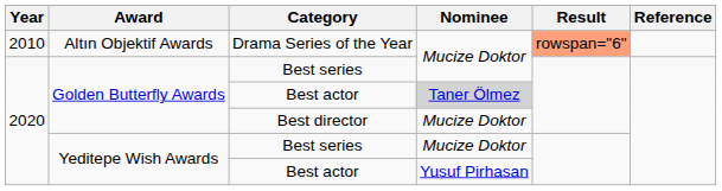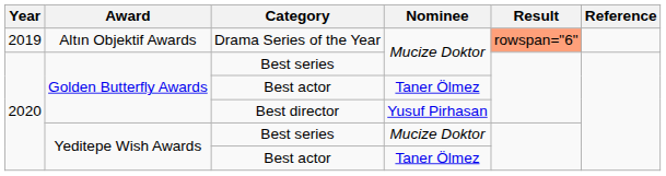 <table class="wikitable" style="text-align:center;">
 <tr>
 <th>Year</th>
 <th>Award</th>
 <th>Category</th>
 <th>Nominee</th>
 <th>Result</th>
 <th>Reference</th>
 </tr>
 <tr>
-<td>2010</td>
+<td>2019</td>
 <td>Altın Objektif Awards</td>
 <td>Drama Series of the Year</td>
 <td rowspan="2"><em>Mucize Doktor</em></td>
 <td style="background: lightsalmon;">rowspan="6" </td>
 <td></td>
 </tr>
 <tr>
 <td rowspan="5">2020</td>
 <td rowspan="3"><a href='#'>Golden Butterfly Awards</a></td>
 <td>Best series</td>
 <td rowspan="3"></td>
 </tr>
 <tr>
 <td>Best actor</td>
-<td style="background: lightgrey;"><a href='#'>Taner Ölmez</a></td>
+<td><a href='#'>Taner Ölmez</a></td>
 </tr>
 <tr>
 <td>Best director</td>
-<td><em>Mucize Doktor</em></td>
+<td><a href='#'>Yusuf Pirhasan</a></td>
 </tr>
 <tr>
 <td rowspan="2">Yeditepe Wish Awards</td>
 <td>Best series</td>
 <td><em>Mucize Doktor</em></td>
 <td rowspan="2"></td>
 </tr>
 <tr>
 <td>Best actor</td>
-<td><a href='#'>Yusuf Pirhasan</a></td>
+<td><a href='#'>Taner Ölmez</a></td>
 </tr>
 </table>
